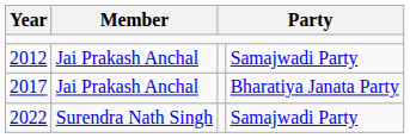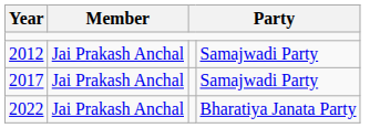 <table class="wikitable">
 <tr>
 <th>Year</th>
 <th>Member</th>
 <th colspan="2">Party</th>
 </tr>
 <tr>
 <td colspan="4"></td>
 </tr>
 <tr>
 <td><a href='#'>2012</a></td>
 <td><a href='#'>Jai Prakash Anchal</a></td>
 <td style="background-color: "></td>
 <td><a href='#'>Samajwadi Party</a></td>
 </tr>
 <tr>
 <td><a href='#'>2017</a></td>
 <td><a href='#'>Jai Prakash Anchal</a></td>
 <td style="background-color: "></td>
-<td><a href='#'>Bharatiya Janata Party</a></td>
+<td><a href='#'>Samajwadi Party</a></td>
 </tr>
 <tr>
 <td><a href='#'>2022</a></td>
-<td><a href='#'>Surendra Nath Singh</a></td>
+<td><a href='#'>Jai Prakash Anchal</a></td>
 <td style="background-color: "></td>
-<td><a href='#'>Samajwadi Party</a></td>
+<td><a href='#'>Bharatiya Janata Party</a></td>
 </tr>
 </table>
